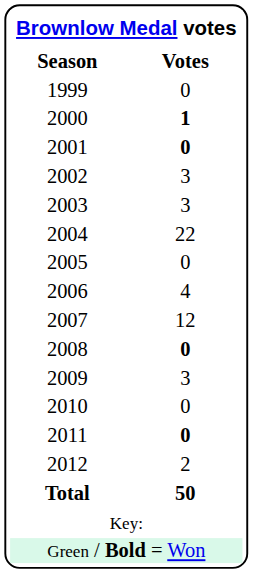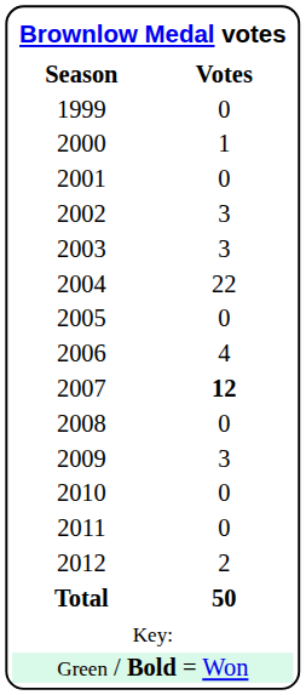 <table style="margin-right:4px; margin-top:8px; float:right; border:1px #000 solid; border-radius:8px; background:#fff; font-family:Verdana; font-size:8pt; text-align:center;">
 <tr style="background:#fff;">
 <td colspan="2;" style="padding:3px; margin-bottom:-3px; margin-top:2px; font-family:Arial; "><strong><a href='#'>Brownlow Medal</a> votes</strong></td>
 </tr>
 <tr>
 <th style="width:50%;">Season</th>
 <th style="width:50%;">Votes</th>
 </tr>
 <tr>
 <td>1999</td>
 <td>0</td>
 </tr>
 <tr>
 <td>2000</td>
-<td><strong>1</strong></td>
+<td>1</td>
 </tr>
 <tr>
 <td>2001</td>
-<td><strong>0</strong></td>
+<td>0</td>
 </tr>
 <tr>
 <td>2002</td>
 <td>3</td>
 </tr>
 <tr>
 <td>2003</td>
 <td>3</td>
 </tr>
 <tr>
 <td>2004</td>
 <td>22</td>
 </tr>
 <tr>
 <td>2005</td>
 <td>0</td>
 </tr>
 <tr>
 <td>2006</td>
 <td>4</td>
 </tr>
 <tr>
 <td>2007</td>
-<td>12</td>
+<td><strong>12</strong></td>
 </tr>
 <tr>
 <td>2008</td>
-<td><strong>0</strong></td>
+<td>0</td>
 </tr>
 <tr>
 <td>2009</td>
 <td>3</td>
 </tr>
 <tr>
 <td>2010</td>
 <td>0</td>
 </tr>
 <tr>
 <td>2011</td>
-<td><strong>0</strong></td>
+<td>0</td>
 </tr>
 <tr>
 <td>2012</td>
 <td>2</td>
 </tr>
 <tr>
 <td><strong>Total</strong></td>
 <td><strong>50</strong></td>
 </tr>
 <tr>
 <td colspan=2><small>Key:</small></td>
 </tr>
 <tr style="background:#d9f9e9; border:1px solid #aaa; width:2em;">
 <td colspan=2><small>Green</small> / <strong>Bold</strong> = <a href='#'>Won</a></td>
 </tr>
 </table>
